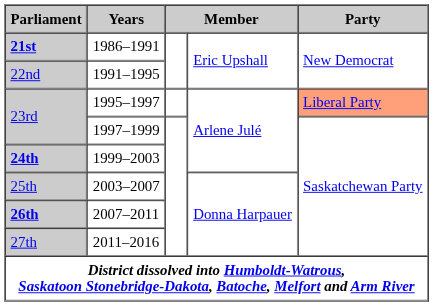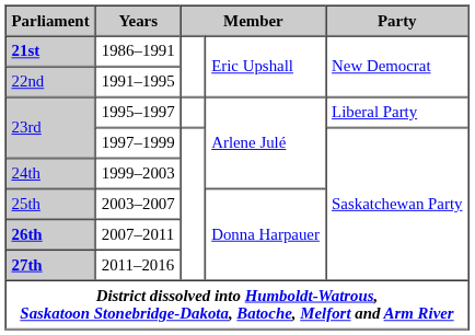 <table border=1 cellpadding=5 cellspacing=0>
 <tr bgcolor="CCCCCC">
 <th>Parliament</th>
 <th>Years</th>
 <th colspan="2">Member</th>
 <th>Party</th>
 </tr>
 <tr>
 <td bgcolor="CCCCCC"><strong><a href='#'>21st</a></strong></td>
 <td>1986–1991</td>
 <td rowspan="2" >   </td>
 <td rowspan="2"><a href='#'>Eric Upshall</a></td>
 <td rowspan="2"><a href='#'>New Democrat</a></td>
 </tr>
 <tr>
 <td bgcolor="CCCCCC"><a href='#'>22nd</a></td>
 <td>1991–1995</td>
 </tr>
 <tr>
 <td bgcolor="CCCCCC" rowspan="2"><a href='#'>23rd</a></td>
 <td>1995–1997</td>
 <td>   </td>
 <td rowspan="3"><a href='#'>Arlene Julé</a></td>
-<td style="background: lightsalmon;"><a href='#'>Liberal Party</a></td>
+<td><a href='#'>Liberal Party</a></td>
 </tr>
 <tr>
 <td>1997–1999</td>
 <td rowspan="5" >   </td>
 <td rowspan="5"><a href='#'>Saskatchewan Party</a></td>
 </tr>
 <tr>
-<td bgcolor="CCCCCC"><strong><a href='#'>24th</a></strong></td>
+<td bgcolor="CCCCCC"><a href='#'>24th</a></td>
 <td>1999–2003</td>
 </tr>
 <tr>
 <td bgcolor="CCCCCC"><a href='#'>25th</a></td>
 <td>2003–2007</td>
 <td rowspan="3"><a href='#'>Donna Harpauer</a></td>
 </tr>
 <tr>
 <td bgcolor="CCCCCC"><strong><a href='#'>26th</a></strong></td>
 <td>2007–2011</td>
 </tr>
 <tr>
-<td bgcolor="CCCCCC"><a href='#'>27th</a></td>
+<td bgcolor="CCCCCC"><strong><a href='#'>27th</a></strong></td>
 <td>2011–2016</td>
 </tr>
 <tr>
 <td colspan="5" align="center"><strong><em>District dissolved into <a href='#'>Humboldt-Watrous</a>,<br> <a href='#'>Saskatoon Stonebridge-Dakota</a>, <a href='#'>Batoche</a>, <a href='#'>Melfort</a> <em>and</em> <a href='#'>Arm River</a></em></strong></td>
 </tr>
 <tr>
 </tr>
 </table>
